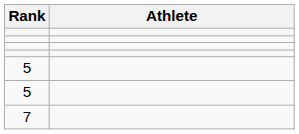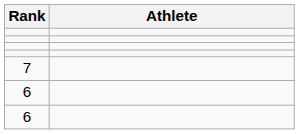 <table class="wikitable" style="text-align: center;">
 <tr>
 <th width=40>Rank</th>
 <th width=250>Athlete</th>
 </tr>
 <tr>
 <td></td>
 <td align=left></td>
 </tr>
 <tr>
 <td></td>
 <td align=left></td>
 </tr>
 <tr>
 <td></td>
 <td align=left></td>
 </tr>
 <tr>
 <td></td>
 <td align=left></td>
 </tr>
 <tr>
-<td>5</td>
+<td>7</td>
 <td align=left></td>
 </tr>
 <tr>
-<td>5</td>
+<td>6</td>
 <td align=left></td>
 </tr>
 <tr>
-<td>7</td>
+<td>6</td>
 <td align=left></td>
 </tr>
 </table>
